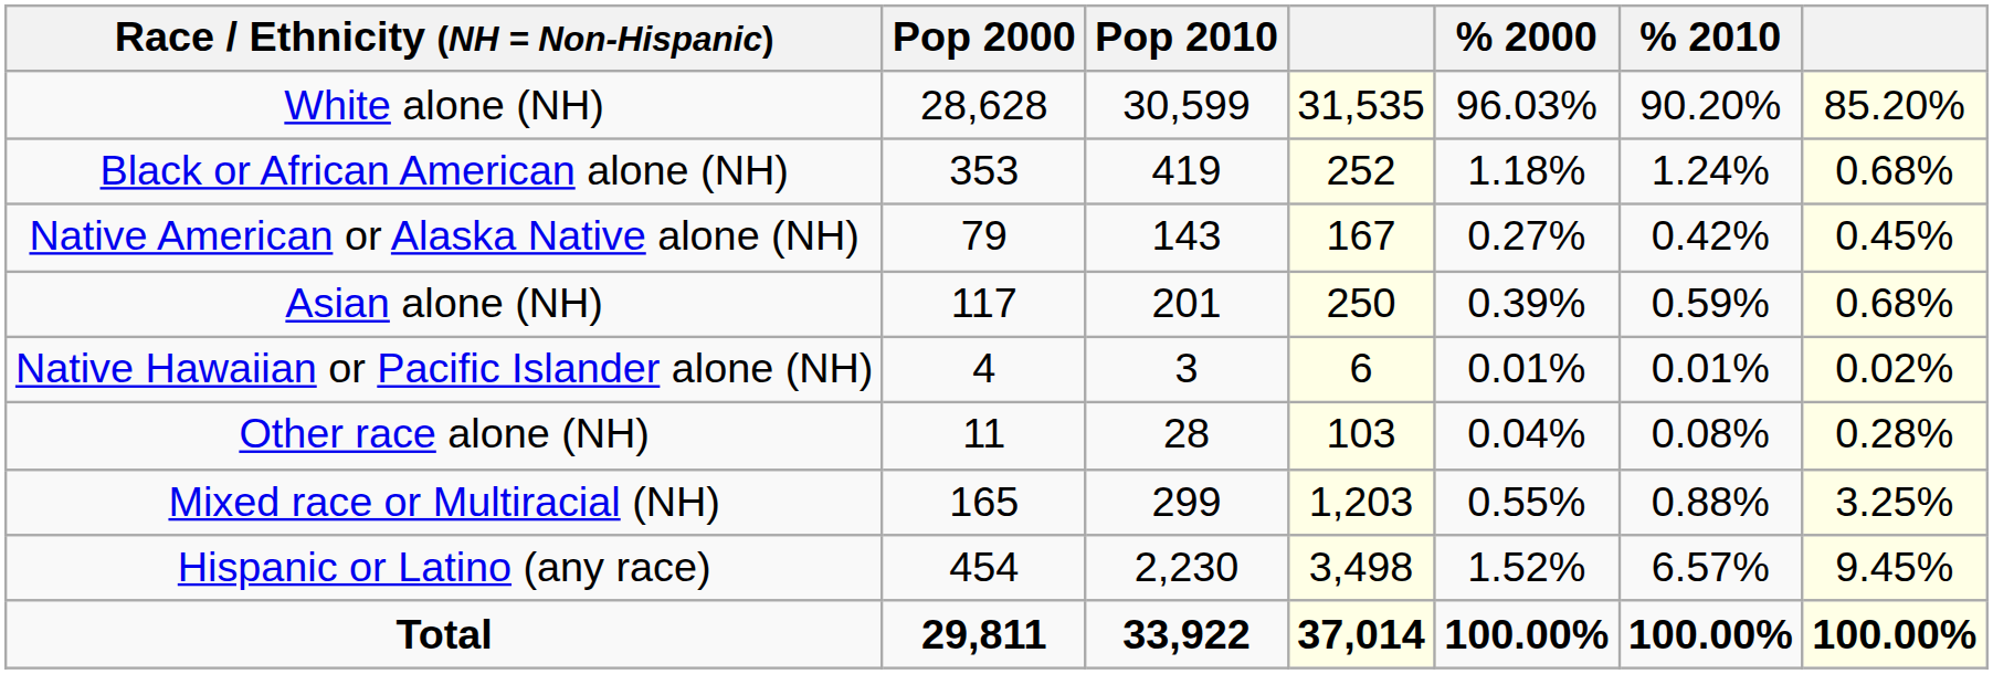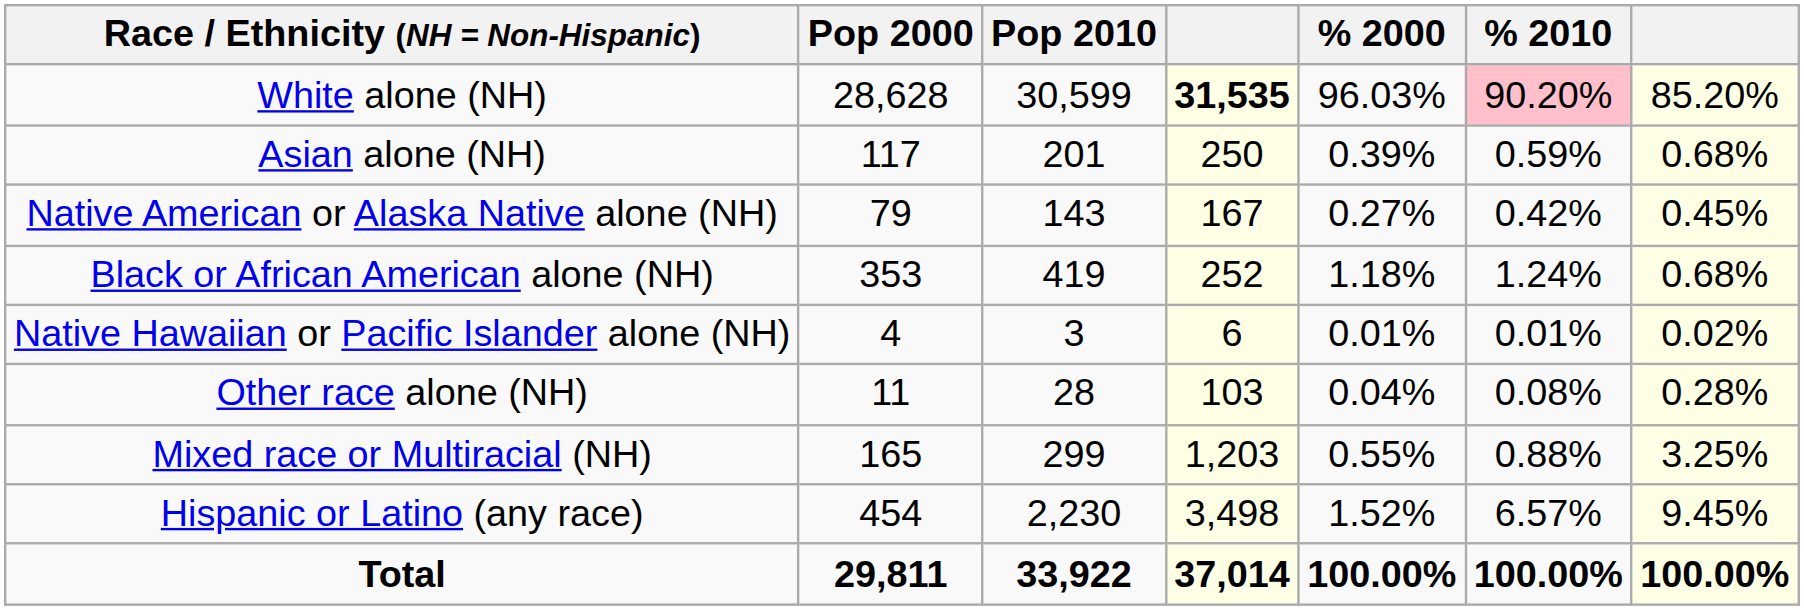 <table class="wikitable" style="text-align:center;">
 <tr>
 <th>Race / Ethnicity <small>(<em>NH = Non-Hispanic</em>)</small></th>
 <th>Pop 2000</th>
 <th>Pop 2010</th>
 <th></th>
 <th>% 2000</th>
 <th>% 2010</th>
 <th></th>
 </tr>
 <tr>
 <td><a href='#'>White</a> alone (NH)</td>
 <td>28,628</td>
 <td>30,599</td>
-<td style='background: #ffffe6;'>31,535</td>
+<td style='background: #ffffe6;'><strong>31,535</strong></td>
 <td>96.03%</td>
-<td>90.20%</td>
+<td style="background: pink;">90.20%</td>
 <td style='background: #ffffe6;'>85.20%</td>
 </tr>
 <tr>
-<td><a href='#'>Black or African American</a> alone (NH)</td>
-<td>353</td>
-<td>419</td>
-<td style='background: #ffffe6;'>252</td>
-<td>1.18%</td>
-<td>1.24%</td>
+<td><a href='#'>Asian</a> alone (NH)</td>
+<td>117</td>
+<td>201</td>
+<td style='background: #ffffe6;'>250</td>
+<td>0.39%</td>
+<td>0.59%</td>
 <td style='background: #ffffe6;'>0.68%</td>
 </tr>
 <tr>
 <td><a href='#'>Native American</a> or <a href='#'>Alaska Native</a> alone (NH)</td>
 <td>79</td>
 <td>143</td>
 <td style='background: #ffffe6;'>167</td>
 <td>0.27%</td>
 <td>0.42%</td>
 <td style='background: #ffffe6;'>0.45%</td>
 </tr>
 <tr>
-<td><a href='#'>Asian</a> alone (NH)</td>
-<td>117</td>
-<td>201</td>
-<td style='background: #ffffe6;'>250</td>
-<td>0.39%</td>
-<td>0.59%</td>
+<td><a href='#'>Black or African American</a> alone (NH)</td>
+<td>353</td>
+<td>419</td>
+<td style='background: #ffffe6;'>252</td>
+<td>1.18%</td>
+<td>1.24%</td>
 <td style='background: #ffffe6;'>0.68%</td>
 </tr>
 <tr>
 <td><a href='#'>Native Hawaiian</a> or <a href='#'>Pacific Islander</a> alone (NH)</td>
 <td>4</td>
 <td>3</td>
 <td style='background: #ffffe6;'>6</td>
 <td>0.01%</td>
 <td>0.01%</td>
 <td style='background: #ffffe6;'>0.02%</td>
 </tr>
 <tr>
 <td><a href='#'>Other race</a> alone (NH)</td>
 <td>11</td>
 <td>28</td>
 <td style='background: #ffffe6;'>103</td>
 <td>0.04%</td>
 <td>0.08%</td>
 <td style='background: #ffffe6;'>0.28%</td>
 </tr>
 <tr>
 <td><a href='#'>Mixed race or Multiracial</a> (NH)</td>
 <td>165</td>
 <td>299</td>
 <td style='background: #ffffe6;'>1,203</td>
 <td>0.55%</td>
 <td>0.88%</td>
 <td style='background: #ffffe6;'>3.25%</td>
 </tr>
 <tr>
 <td><a href='#'>Hispanic or Latino</a> (any race)</td>
 <td>454</td>
 <td>2,230</td>
 <td style='background: #ffffe6;'>3,498</td>
 <td>1.52%</td>
 <td>6.57%</td>
 <td style='background: #ffffe6;'>9.45%</td>
 </tr>
 <tr>
 <td><strong>Total</strong></td>
 <td><strong>29,811</strong></td>
 <td><strong>33,922</strong></td>
 <td style='background: #ffffe6;'><strong>37,014</strong></td>
 <td><strong>100.00%</strong></td>
 <td><strong>100.00%</strong></td>
 <td style='background: #ffffe6;'><strong>100.00%</strong></td>
 </tr>
 </table>
